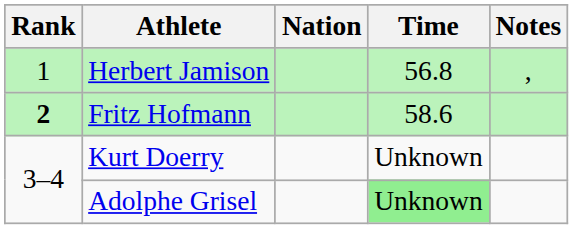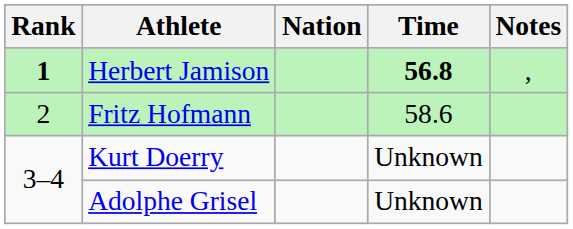 <table class="wikitable sortable" style="text-align:center">
 <tr>
 <th>Rank</th>
 <th>Athlete</th>
 <th>Nation</th>
 <th>Time</th>
 <th>Notes</th>
 </tr>
 <tr style="background:#bbf3bb;">
-<td>1</td>
+<td><strong>1</strong></td>
 <td align=left><a href='#'>Herbert Jamison</a></td>
 <td align=left></td>
-<td>56.8</td>
+<td><strong>56.8</strong></td>
 <td>, </td>
 </tr>
 <tr style="background:#bbf3bb;">
-<td><strong>2</strong></td>
+<td>2</td>
 <td align=left><a href='#'>Fritz Hofmann</a></td>
 <td align=left></td>
 <td>58.6</td>
 <td></td>
 </tr>
 <tr>
 <td rowspan=2 align=center>3–4</td>
 <td align=left><a href='#'>Kurt Doerry</a></td>
 <td align=left></td>
 <td data-sort-value=99.9>Unknown</td>
 <td></td>
 </tr>
 <tr>
 <td align=left><a href='#'>Adolphe Grisel</a></td>
 <td align=left></td>
-<td data-sort-value=99.9 style="background: lightgreen;">Unknown</td>
+<td data-sort-value=99.9>Unknown</td>
 <td></td>
 </tr>
 </table>
